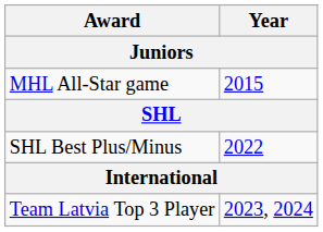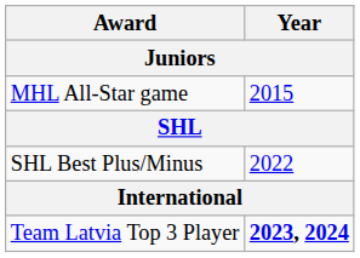 <table class="wikitable">
 <tr>
 <th scope="col">Award</th>
 <th scope="col">Year</th>
 </tr>
 <tr>
 <th colspan="3">Juniors</th>
 </tr>
 <tr>
 <td><a href='#'>MHL</a> All-Star game</td>
 <td><a href='#'>2015</a></td>
 </tr>
 <tr>
 <th colspan="3"><a href='#'>SHL</a></th>
 </tr>
 <tr>
 <td>SHL Best Plus/Minus</td>
 <td><a href='#'>2022</a></td>
 </tr>
 <tr>
 <th colspan="3">International</th>
 </tr>
 <tr>
 <td><a href='#'>Team Latvia</a> Top 3 Player</td>
-<td><a href='#'>2023</a>, <a href='#'>2024</a></td>
+<td><strong><a href='#'>2023</a>, <a href='#'>2024</a></strong></td>
 </tr>
 </table>
